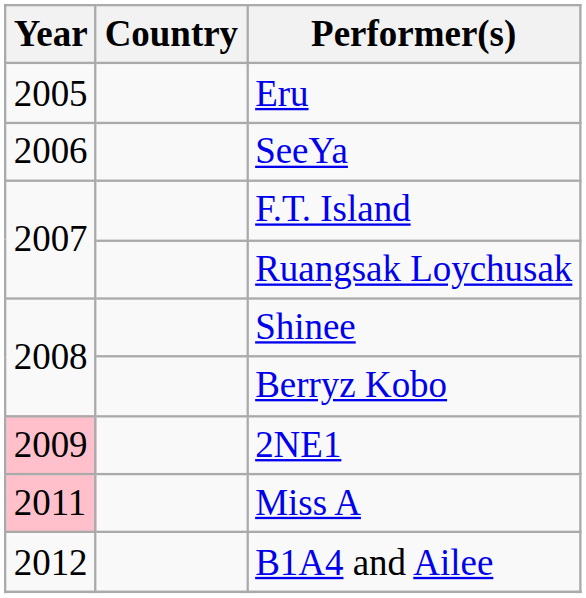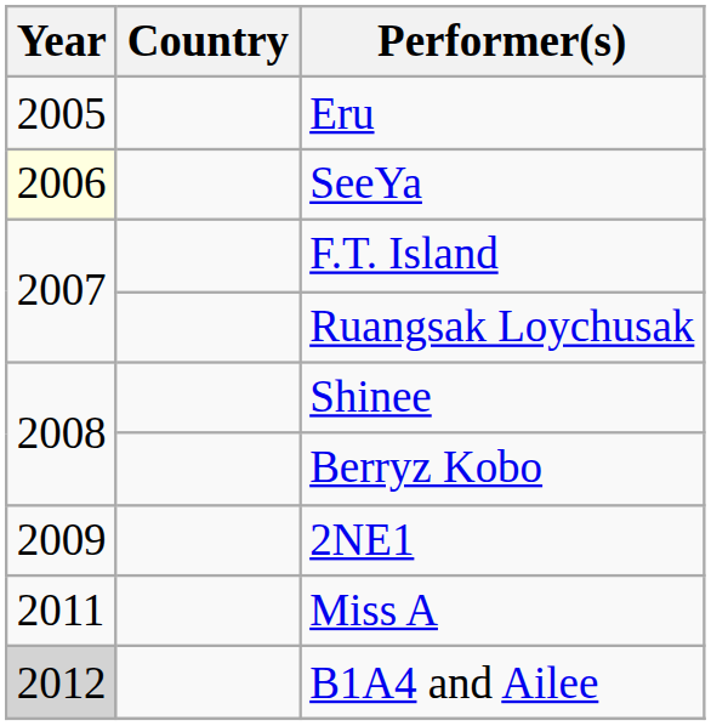 <table class="wikitable">
 <tr>
 <th>Year</th>
 <th>Country</th>
 <th>Performer(s)</th>
 </tr>
 <tr>
 <td>2005</td>
 <td></td>
 <td><a href='#'>Eru</a></td>
 </tr>
 <tr>
-<td>2006</td>
+<td style="background: lightyellow;">2006</td>
 <td></td>
 <td><a href='#'>SeeYa</a></td>
 </tr>
 <tr>
 <td rowspan="2">2007</td>
 <td></td>
 <td><a href='#'>F.T. Island</a></td>
 </tr>
 <tr>
 <td></td>
 <td><a href='#'>Ruangsak Loychusak</a></td>
 </tr>
 <tr>
 <td rowspan="2">2008</td>
 <td></td>
 <td><a href='#'>Shinee</a></td>
 </tr>
 <tr>
 <td></td>
 <td><a href='#'>Berryz Kobo</a></td>
 </tr>
 <tr>
-<td style="background: pink;">2009</td>
+<td>2009</td>
 <td></td>
 <td><a href='#'>2NE1</a></td>
 </tr>
 <tr>
-<td style="background: pink;">2011</td>
+<td>2011</td>
 <td></td>
 <td><a href='#'>Miss A</a></td>
 </tr>
 <tr>
-<td>2012</td>
+<td style="background: lightgrey;">2012</td>
 <td></td>
 <td><a href='#'>B1A4</a> and <a href='#'>Ailee</a></td>
 </tr>
 <tr>
 </tr>
 </table>
